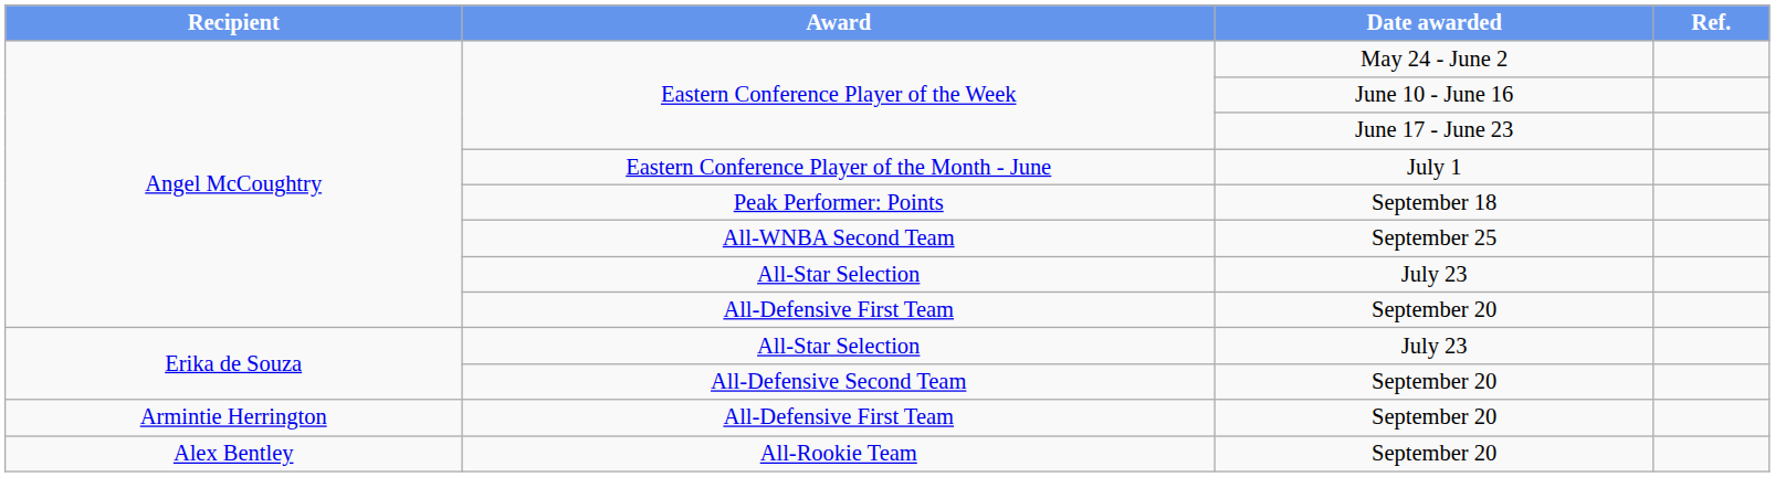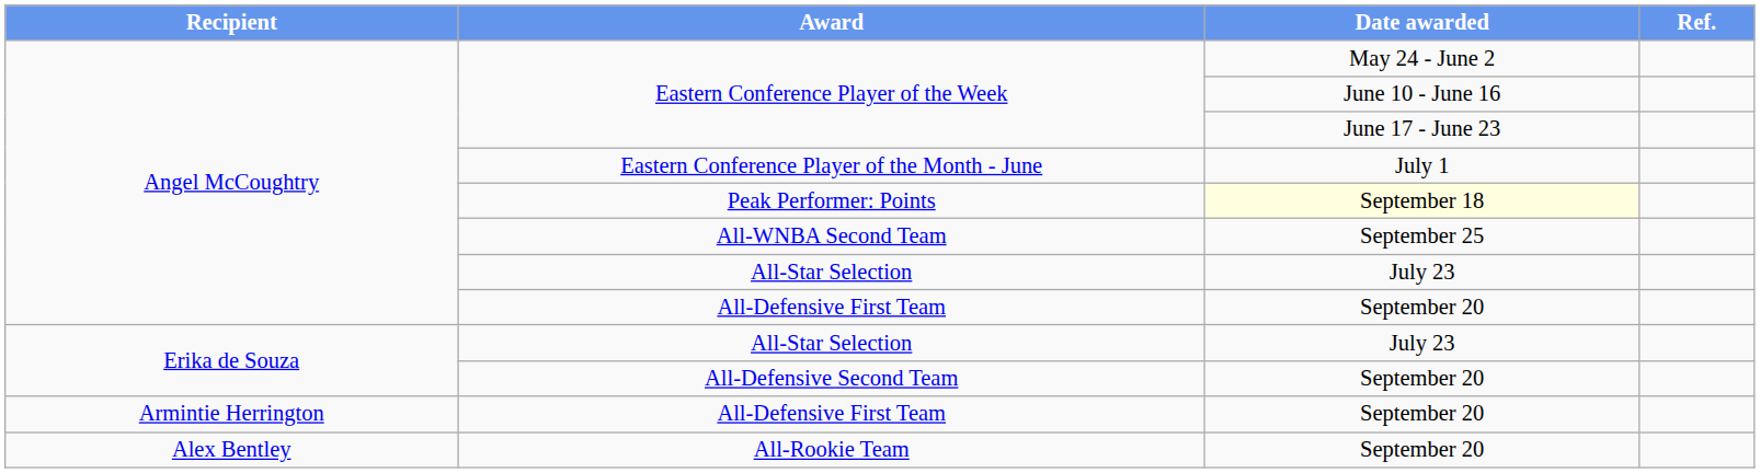 <table class="wikitable sortable sortable" style="text-align: center">
 <tr>
 <th style="background:#6495ED;color:white"; width="5%">Recipient</th>
 <th style="background:#6495ED;color:white"; width="9%">Award</th>
 <th style="background:#6495ED;color:white"; width="5%">Date awarded</th>
 <th style="background:#6495ED;color:white"; width="1%" class="unsortable">Ref.</th>
 </tr>
 <tr>
 <td rowspan=8><a href='#'>Angel McCoughtry</a></td>
 <td rowspan=3><a href='#'>Eastern Conference Player of the Week</a></td>
 <td>May 24 - June 2</td>
 <td></td>
 </tr>
 <tr>
 <td>June 10 - June 16</td>
 <td></td>
 </tr>
 <tr>
 <td>June 17 - June 23</td>
 <td></td>
 </tr>
 <tr>
 <td><a href='#'>Eastern Conference Player of the Month - June</a></td>
 <td>July 1</td>
 <td></td>
 </tr>
 <tr>
 <td><a href='#'>Peak Performer: Points</a></td>
-<td>September 18</td>
+<td style="background: lightyellow;">September 18</td>
 <td></td>
 </tr>
 <tr>
 <td><a href='#'>All-WNBA Second Team</a></td>
 <td>September 25</td>
 <td></td>
 </tr>
 <tr>
 <td><a href='#'>All-Star Selection</a></td>
 <td>July 23</td>
 <td></td>
 </tr>
 <tr>
 <td><a href='#'>All-Defensive First Team</a></td>
 <td>September 20</td>
 <td></td>
 </tr>
 <tr>
 <td rowspan=2><a href='#'>Erika de Souza</a></td>
 <td><a href='#'>All-Star Selection</a></td>
 <td>July 23</td>
 <td></td>
 </tr>
 <tr>
 <td><a href='#'>All-Defensive Second Team</a></td>
 <td>September 20</td>
 <td></td>
 </tr>
 <tr>
 <td><a href='#'>Armintie Herrington</a></td>
 <td><a href='#'>All-Defensive First Team</a></td>
 <td>September 20</td>
 <td></td>
 </tr>
 <tr>
 <td><a href='#'>Alex Bentley</a></td>
 <td><a href='#'>All-Rookie Team</a></td>
 <td>September 20</td>
 <td></td>
 </tr>
 </table>
